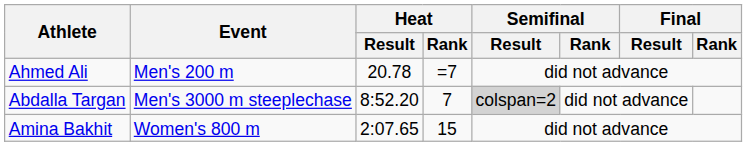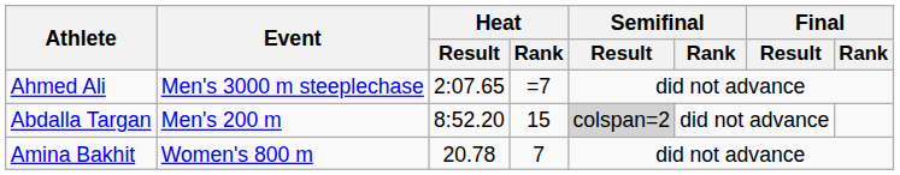 <table class="wikitable" style="font-size:90%">
 <tr>
 <th rowspan="2">Athlete</th>
 <th rowspan="2">Event</th>
 <th colspan="2">Heat</th>
 <th colspan="2">Semifinal</th>
 <th colspan="2">Final</th>
 </tr>
 <tr style="font-size:95%">
 <th>Result</th>
 <th>Rank</th>
 <th>Result</th>
 <th>Rank</th>
 <th>Result</th>
 <th>Rank</th>
 </tr>
 <tr align=center>
 <td align=left><a href='#'>Ahmed Ali</a></td>
-<td align=left><a href='#'>Men's 200 m</a></td>
-<td>20.78</td>
+<td align=left><a href='#'>Men's 3000 m steeplechase</a></td>
+<td>2:07.65</td>
 <td>=7</td>
 <td colspan=4>did not advance</td>
 </tr>
 <tr align=center>
 <td align=left><a href='#'>Abdalla Targan</a></td>
-<td align=left><a href='#'>Men's 3000 m steeplechase</a></td>
+<td align=left><a href='#'>Men's 200 m</a></td>
 <td>8:52.20</td>
-<td>7</td>
+<td>15</td>
 <td style="background: lightgrey;">colspan=2 </td>
 <td colspan=2>did not advance</td>
 </tr>
 <tr align=center>
 <td align=left><a href='#'>Amina Bakhit</a></td>
 <td align=left><a href='#'>Women's 800 m</a></td>
-<td>2:07.65</td>
-<td>15</td>
+<td>20.78</td>
+<td>7</td>
 <td colspan=4>did not advance</td>
 </tr>
 </table>
